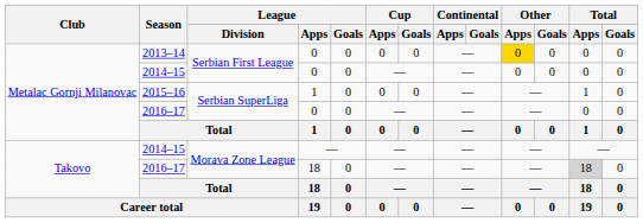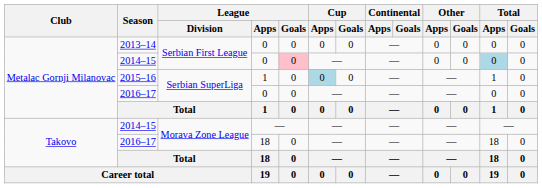 <table class="wikitable" style="text-align:center">
 <tr>
 <th rowspan="2">Club</th>
 <th rowspan="2">Season</th>
 <th colspan="3">League</th>
 <th colspan="2">Cup</th>
 <th colspan="2">Continental</th>
 <th colspan="2">Other</th>
 <th colspan="2">Total</th>
 </tr>
 <tr>
 <th>Division</th>
 <th>Apps</th>
 <th>Goals</th>
 <th>Apps</th>
 <th>Goals</th>
 <th>Apps</th>
 <th>Goals</th>
 <th>Apps</th>
 <th>Goals</th>
 <th>Apps</th>
 <th>Goals</th>
 </tr>
 <tr>
 <td rowspan="5"><a href='#'>Metalac Gornji Milanovac</a></td>
 <td><a href='#'>2013–14</a></td>
 <td rowspan=2><a href='#'>Serbian First League</a></td>
 <td>0</td>
 <td>0</td>
 <td>0</td>
 <td>0</td>
 <td colspan="2">—</td>
-<td style="background: gold;">0</td>
+<td>0</td>
 <td>0</td>
 <td>0</td>
 <td>0</td>
 </tr>
 <tr>
 <td><a href='#'>2014–15</a></td>
 <td>0</td>
-<td>0</td>
+<td style="background: pink;">0</td>
 <td colspan="2">—</td>
 <td colspan="2">—</td>
 <td>0</td>
 <td>0</td>
-<td>0</td>
+<td style="background: lightblue;">0</td>
 <td>0</td>
 </tr>
 <tr>
 <td><a href='#'>2015–16</a></td>
 <td rowspan=2><a href='#'>Serbian SuperLiga</a></td>
 <td>1</td>
 <td>0</td>
-<td>0</td>
+<td style="background: lightblue;">0</td>
 <td>0</td>
 <td colspan="2">—</td>
 <td colspan="2">—</td>
 <td>1</td>
 <td>0</td>
 </tr>
 <tr>
 <td><a href='#'>2016–17</a></td>
 <td>0</td>
 <td>0</td>
 <td colspan="2">—</td>
 <td colspan="2">—</td>
 <td colspan="2">—</td>
 <td>0</td>
 <td>0</td>
 </tr>
 <tr>
 <th colspan="2">Total</th>
 <th>1</th>
 <th>0</th>
 <th>0</th>
 <th>0</th>
 <th colspan="2">—</th>
 <th>0</th>
 <th>0</th>
 <th>1</th>
 <th>0</th>
 </tr>
 <tr>
 <td rowspan="3"><a href='#'>Takovo</a></td>
 <td><a href='#'>2014–15</a></td>
 <td rowspan=2><a href='#'>Morava Zone League</a></td>
 <td colspan="2">—</td>
 <td colspan="2">—</td>
 <td colspan="2">—</td>
 <td colspan="2">—</td>
 <td colspan="2">—</td>
 </tr>
 <tr>
 <td><a href='#'>2016–17</a></td>
 <td>18</td>
 <td>0</td>
 <td colspan="2">—</td>
 <td colspan="2">—</td>
 <td colspan="2">—</td>
-<td style="background: lightgrey;">18</td>
+<td>18</td>
 <td>0</td>
 </tr>
 <tr>
 <th colspan="2">Total</th>
 <th>18</th>
 <th>0</th>
 <th colspan="2">—</th>
 <th colspan="2">—</th>
 <th colspan="2">—</th>
 <th>18</th>
 <th>0</th>
 </tr>
 <tr>
 <th colspan="3">Career total</th>
 <th>19</th>
 <th>0</th>
 <th>0</th>
 <th>0</th>
 <th colspan="2">—</th>
 <th>0</th>
 <th>0</th>
 <th>19</th>
 <th>0</th>
 </tr>
 </table>
